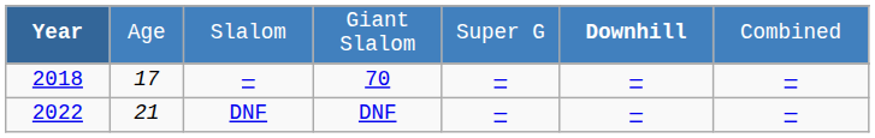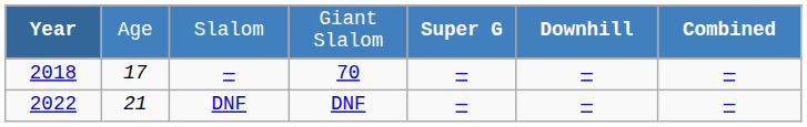 <table class="wikitable" style="font-size:95%; text-align:center; border:grey solid 1px; border-collapse:collapse;" width="40%">
 <tr style="background-color:#369; color:white;">
 <td rowspan="2" colspan="1" width="5%"><strong>Year</strong></td>
 </tr>
 <tr style="background-color:#4180be; color:white;">
 <td width="3%">Age</td>
 <td width="5%">Slalom</td>
 <td width="5%">Giant<br>Slalom</td>
-<td width="5%">Super G</td>
+<td width="5%"><strong>Super G</strong></td>
 <td width="5%"><strong>Downhill</strong></td>
-<td width="5%">Combined</td>
+<td width="5%"><strong>Combined</strong></td>
 </tr>
 <tr style="background-color:#8CB2D8; color:white;">
 </tr>
 <tr>
 <td><a href='#'>2018</a></td>
 <td><em>17</em></td>
 <td><a href='#'>—</a></td>
 <td><a href='#'>70</a></td>
 <td><a href='#'>—</a></td>
 <td><a href='#'>—</a></td>
 <td><a href='#'>—</a></td>
 </tr>
 <tr>
 <td><a href='#'>2022</a></td>
 <td><em>21</em></td>
 <td><a href='#'>DNF</a></td>
 <td><a href='#'>DNF</a></td>
 <td><a href='#'>—</a></td>
 <td><a href='#'>—</a></td>
 <td><a href='#'>—</a></td>
 </tr>
 </table>
